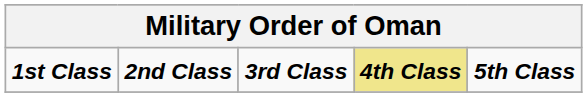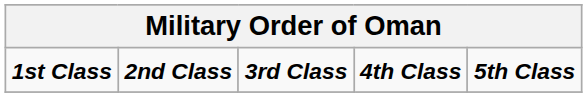 <table class="wikitable" style="margin: 1em auto;">
 <tr>
 <th colspan="5">Military Order of Oman</th>
 </tr>
 <tr align="center">
 <td><em><small><strong>1st Class</strong></small></em></td>
 <td><em><small><strong>2nd Class</strong></small></em></td>
 <td><em><small><strong>3rd Class</strong></small></em></td>
-<td style="background: khaki;"><em><small><strong>4th Class</strong></small></em></td>
+<td><em><small><strong>4th Class</strong></small></em></td>
 <td><em><small><strong>5th Class</strong></small></em></td>
 </tr>
 </table>
